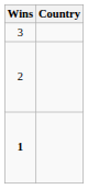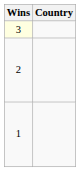 <table class="wikitable">
 <tr>
 <th>Wins</th>
 <th>Country</th>
 </tr>
 <tr>
-<td align="center">3</td>
+<td align="center" style="background: lightyellow;">3</td>
 <td></td>
 </tr>
 <tr>
 <td align="center">2</td>
 <td><br><br><br><br><br></td>
 </tr>
 <tr>
-<td align="center"><strong>1</strong></td>
+<td align="center">1</td>
 <td><br><br><br><br><br></td>
 </tr>
 </table>
